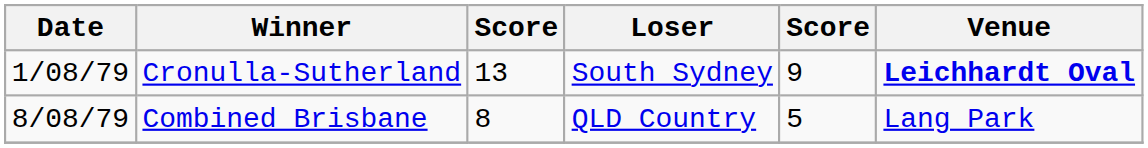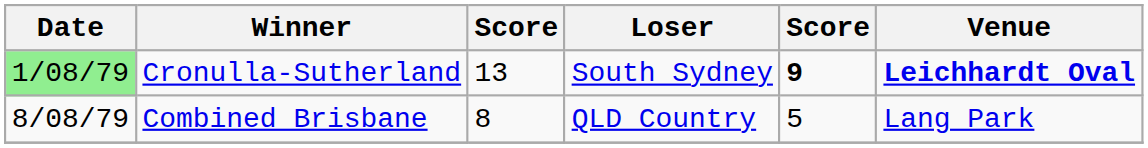 <table class="wikitable">
 <tr>
 <th>Date</th>
 <th>Winner</th>
 <th>Score</th>
 <th>Loser</th>
 <th>Score</th>
 <th>Venue</th>
 </tr>
 <tr>
-<td>1/08/79</td>
+<td style="background: lightgreen;">1/08/79</td>
 <td> <a href='#'>Cronulla-Sutherland</a></td>
 <td>13</td>
 <td> <a href='#'>South Sydney</a></td>
-<td>9</td>
+<td><strong>9</strong></td>
 <td><strong><a href='#'>Leichhardt Oval</a></strong></td>
 </tr>
 <tr>
 <td>8/08/79</td>
 <td> <a href='#'>Combined Brisbane</a></td>
 <td>8</td>
 <td> <a href='#'>QLD Country</a></td>
 <td>5</td>
 <td><a href='#'>Lang Park</a></td>
 </tr>
 <tr>
 </tr>
 </table>
